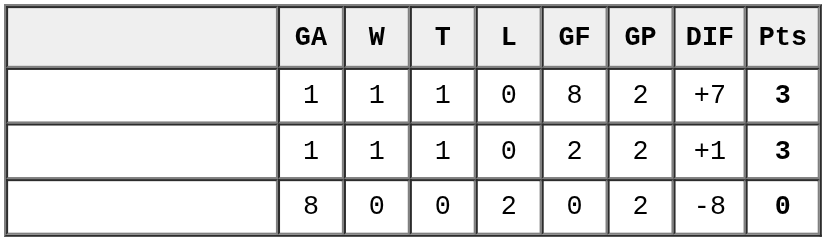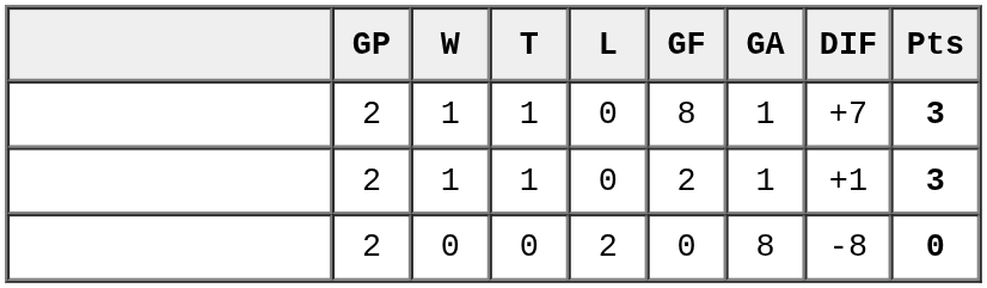 <table border=1 cellpadding=5 cellspacing=0>
 <tr>
 <th bgcolor="#efefef" width="120">　</th>
-<th bgcolor="#efefef" width="20">GA</th>
+<th bgcolor="#efefef" width="20">GP</th>
 <th bgcolor="#efefef" width="20">W</th>
 <th bgcolor="#efefef" width="20">T</th>
 <th bgcolor="#efefef" width="20">L</th>
 <th bgcolor="#efefef" width="20">GF</th>
-<th bgcolor="#efefef" width="20">GP</th>
+<th bgcolor="#efefef" width="20">GA</th>
 <th bgcolor="#efefef" width="20">DIF</th>
 <th bgcolor="#efefef" width="20">Pts</th>
 </tr>
 <tr align=center>
 <td align=left><strong></strong></td>
-<td>1</td>
+<td>2</td>
 <td>1</td>
 <td>1</td>
 <td>0</td>
 <td>8</td>
-<td>2</td>
+<td>1</td>
 <td>+7</td>
 <td><strong>3</strong></td>
 </tr>
 <tr align=center>
 <td align=left></td>
-<td>1</td>
+<td>2</td>
 <td>1</td>
 <td>1</td>
 <td>0</td>
 <td>2</td>
-<td>2</td>
+<td>1</td>
 <td>+1</td>
 <td><strong>3</strong></td>
 </tr>
 <tr align=center>
 <td align=left></td>
-<td>8</td>
+<td>2</td>
 <td>0</td>
 <td>0</td>
 <td>2</td>
 <td>0</td>
-<td>2</td>
+<td>8</td>
 <td>-8</td>
 <td><strong>0</strong></td>
 </tr>
 </table>
